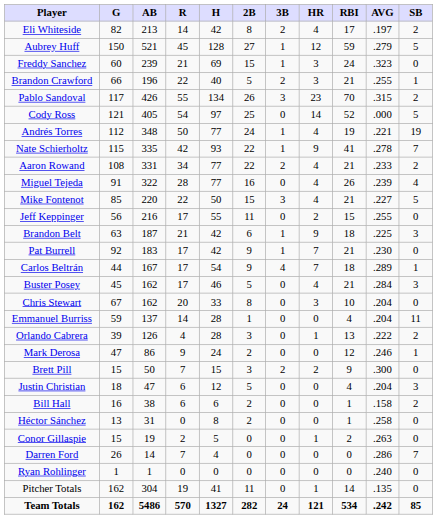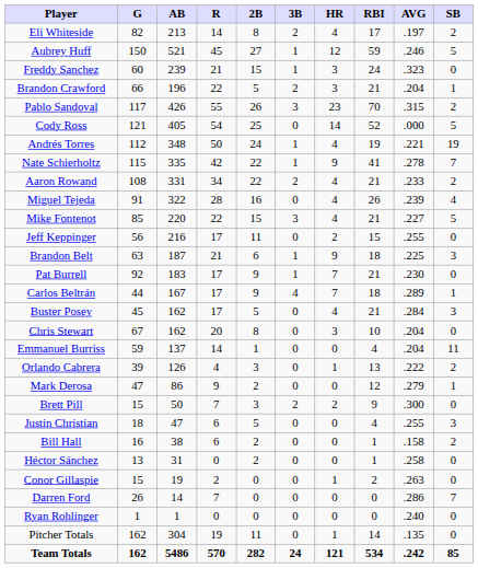 <table class="wikitable sortable" style="text-align:center; border:1px; cellpadding:2; cellspacing:0;">
 <tr>
 <th style="background:#ddf; width:20%;">Player</th>
 <th style="background:#ddf; width:7%;">G</th>
 <th style="background:#ddf; width:7%;">AB</th>
 <th style="background:#ddf; width:7%;">R</th>
-<th style="background:#ddf; width:7%;">H</th>
 <th style="background:#ddf; width:7%;">2B</th>
 <th style="background:#ddf; width:7%;">3B</th>
 <th style="background:#ddf; width:7%;">HR</th>
 <th style="background:#ddf; width:7%;">RBI</th>
 <th style="background:#ddf; width:7%;">AVG</th>
 <th style="background:#ddf; width:7%;">SB</th>
 </tr>
 <tr align="center">
 <td><a href='#'>Eli Whiteside</a></td>
 <td>82</td>
 <td>213</td>
 <td>14</td>
-<td>42</td>
 <td>8</td>
 <td>2</td>
 <td>4</td>
 <td>17</td>
 <td>.197</td>
 <td>2</td>
 </tr>
 <tr align=center>
 <td><a href='#'>Aubrey Huff</a></td>
 <td>150</td>
 <td>521</td>
 <td>45</td>
-<td>128</td>
 <td>27</td>
 <td>1</td>
 <td>12</td>
 <td>59</td>
-<td>.279</td>
+<td>.246</td>
 <td>5</td>
 </tr>
 <tr align=center>
 <td><a href='#'>Freddy Sanchez</a></td>
 <td>60</td>
 <td>239</td>
 <td>21</td>
-<td>69</td>
 <td>15</td>
 <td>1</td>
 <td>3</td>
 <td>24</td>
 <td>.323</td>
 <td>0</td>
 </tr>
 <tr align=center>
 <td><a href='#'>Brandon Crawford</a></td>
 <td>66</td>
 <td>196</td>
 <td>22</td>
-<td>40</td>
 <td>5</td>
 <td>2</td>
 <td>3</td>
 <td>21</td>
-<td>.255</td>
+<td>.204</td>
 <td>1</td>
 </tr>
 <tr align=center>
 <td><a href='#'>Pablo Sandoval</a></td>
 <td>117</td>
 <td>426</td>
 <td>55</td>
-<td>134</td>
 <td>26</td>
 <td>3</td>
 <td>23</td>
 <td>70</td>
 <td>.315</td>
 <td>2</td>
 </tr>
 <tr align="center">
 <td><a href='#'>Cody Ross</a></td>
 <td>121</td>
 <td>405</td>
 <td>54</td>
-<td>97</td>
 <td>25</td>
 <td>0</td>
 <td>14</td>
 <td>52</td>
 <td>.000</td>
 <td>5</td>
 </tr>
 <tr align=center>
 <td><a href='#'>Andrés Torres</a></td>
 <td>112</td>
 <td>348</td>
 <td>50</td>
-<td>77</td>
 <td>24</td>
 <td>1</td>
 <td>4</td>
 <td>19</td>
 <td>.221</td>
 <td>19</td>
 </tr>
 <tr align=center>
 <td><a href='#'>Nate Schierholtz</a></td>
 <td>115</td>
 <td>335</td>
 <td>42</td>
-<td>93</td>
 <td>22</td>
 <td>1</td>
 <td>9</td>
 <td>41</td>
 <td>.278</td>
 <td>7</td>
 </tr>
 <tr align=center>
 <td><a href='#'>Aaron Rowand</a></td>
 <td>108</td>
 <td>331</td>
 <td>34</td>
-<td>77</td>
 <td>22</td>
 <td>2</td>
 <td>4</td>
 <td>21</td>
 <td>.233</td>
 <td>2</td>
 </tr>
 <tr align=center>
 <td><a href='#'>Miguel Tejeda</a></td>
 <td>91</td>
 <td>322</td>
 <td>28</td>
-<td>77</td>
 <td>16</td>
 <td>0</td>
 <td>4</td>
 <td>26</td>
 <td>.239</td>
 <td>4</td>
 </tr>
 <tr align=center>
 <td><a href='#'>Mike Fontenot</a></td>
 <td>85</td>
 <td>220</td>
 <td>22</td>
-<td>50</td>
 <td>15</td>
 <td>3</td>
 <td>4</td>
 <td>21</td>
 <td>.227</td>
 <td>5</td>
 </tr>
 <tr align=center>
 <td><a href='#'>Jeff Keppinger</a></td>
 <td>56</td>
 <td>216</td>
 <td>17</td>
-<td>55</td>
 <td>11</td>
 <td>0</td>
 <td>2</td>
 <td>15</td>
 <td>.255</td>
 <td>0</td>
 </tr>
 <tr align=center>
 <td><a href='#'>Brandon Belt</a></td>
 <td>63</td>
 <td>187</td>
 <td>21</td>
-<td>42</td>
 <td>6</td>
 <td>1</td>
 <td>9</td>
 <td>18</td>
 <td>.225</td>
 <td>3</td>
 </tr>
 <tr align=center>
 <td><a href='#'>Pat Burrell</a></td>
 <td>92</td>
 <td>183</td>
 <td>17</td>
-<td>42</td>
 <td>9</td>
 <td>1</td>
 <td>7</td>
 <td>21</td>
 <td>.230</td>
 <td>0</td>
 </tr>
 <tr align=center>
 <td><a href='#'>Carlos Beltrán</a></td>
 <td>44</td>
 <td>167</td>
 <td>17</td>
-<td>54</td>
 <td>9</td>
 <td>4</td>
 <td>7</td>
 <td>18</td>
 <td>.289</td>
 <td>1</td>
 </tr>
 <tr align=center>
 <td><a href='#'>Buster Posey</a></td>
 <td>45</td>
 <td>162</td>
 <td>17</td>
-<td>46</td>
 <td>5</td>
 <td>0</td>
 <td>4</td>
 <td>21</td>
 <td>.284</td>
 <td>3</td>
 </tr>
 <tr align=center>
 <td><a href='#'>Chris Stewart</a></td>
 <td>67</td>
 <td>162</td>
 <td>20</td>
-<td>33</td>
 <td>8</td>
 <td>0</td>
 <td>3</td>
 <td>10</td>
 <td>.204</td>
 <td>0</td>
 </tr>
 <tr align=center>
 <td><a href='#'>Emmanuel Burriss</a></td>
 <td>59</td>
 <td>137</td>
 <td>14</td>
-<td>28</td>
 <td>1</td>
 <td>0</td>
 <td>0</td>
 <td>4</td>
 <td>.204</td>
 <td>11</td>
 </tr>
 <tr align=center>
 <td><a href='#'>Orlando Cabrera</a></td>
 <td>39</td>
 <td>126</td>
 <td>4</td>
-<td>28</td>
 <td>3</td>
 <td>0</td>
 <td>1</td>
 <td>13</td>
 <td>.222</td>
 <td>2</td>
 </tr>
 <tr align=center>
 <td><a href='#'>Mark Derosa</a></td>
 <td>47</td>
 <td>86</td>
 <td>9</td>
-<td>24</td>
 <td>2</td>
 <td>0</td>
 <td>0</td>
 <td>12</td>
-<td>.246</td>
+<td>.279</td>
 <td>1</td>
 </tr>
 <tr align=center>
 <td><a href='#'>Brett Pill</a></td>
 <td>15</td>
 <td>50</td>
 <td>7</td>
-<td>15</td>
 <td>3</td>
 <td>2</td>
 <td>2</td>
 <td>9</td>
 <td>.300</td>
 <td>0</td>
 </tr>
 <tr align=center>
 <td><a href='#'>Justin Christian</a></td>
 <td>18</td>
 <td>47</td>
 <td>6</td>
-<td>12</td>
 <td>5</td>
 <td>0</td>
 <td>0</td>
 <td>4</td>
-<td>.204</td>
+<td>.255</td>
 <td>3</td>
 </tr>
 <tr align=center>
 <td><a href='#'>Bill Hall</a></td>
 <td>16</td>
 <td>38</td>
-<td>6</td>
 <td>6</td>
 <td>2</td>
 <td>0</td>
 <td>0</td>
 <td>1</td>
 <td>.158</td>
 <td>2</td>
 </tr>
 <tr align=center>
 <td><a href='#'>Héctor Sánchez</a></td>
 <td>13</td>
 <td>31</td>
 <td>0</td>
-<td>8</td>
 <td>2</td>
 <td>0</td>
 <td>0</td>
 <td>1</td>
 <td>.258</td>
 <td>0</td>
 </tr>
 <tr align=center>
 <td><a href='#'>Conor Gillaspie</a></td>
 <td>15</td>
 <td>19</td>
 <td>2</td>
-<td>5</td>
 <td>0</td>
 <td>0</td>
 <td>1</td>
 <td>2</td>
 <td>.263</td>
 <td>0</td>
 </tr>
 <tr align=center>
 <td><a href='#'>Darren Ford</a></td>
 <td>26</td>
 <td>14</td>
 <td>7</td>
-<td>4</td>
 <td>0</td>
 <td>0</td>
 <td>0</td>
 <td>0</td>
 <td>.286</td>
 <td>7</td>
 </tr>
 <tr align=center>
 <td><a href='#'>Ryan Rohlinger</a></td>
 <td>1</td>
 <td>1</td>
 <td>0</td>
-<td 0>0</td>
 <td>0</td>
 <td>0</td>
 <td>0</td>
 <td>0</td>
 <td>.240</td>
 <td>0</td>
 </tr>
 <tr align=center>
 <td>Pitcher Totals</td>
 <td>162</td>
 <td>304</td>
 <td>19</td>
-<td>41</td>
 <td>11</td>
 <td>0</td>
 <td>1</td>
 <td>14</td>
 <td>.135</td>
 <td>0</td>
 </tr>
 <tr align=center>
 <td><strong>Team Totals</strong></td>
 <td><strong>162</strong></td>
 <td><strong>5486</strong></td>
 <td><strong>570</strong></td>
-<td><strong>1327</strong></td>
 <td><strong>282</strong></td>
 <td><strong>24</strong></td>
 <td><strong>121</strong></td>
 <td><strong>534</strong></td>
 <td><strong>.242</strong></td>
 <td><strong>85</strong></td>
 </tr>
 </table>
